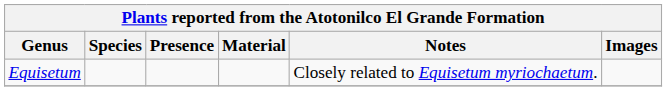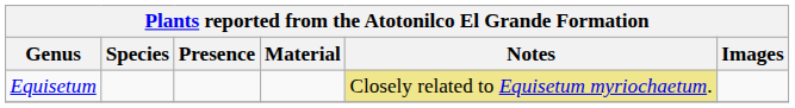 <table class="wikitable" align="center">
 <tr>
 <th colspan="6" align="center"><strong><a href='#'>Plants</a> reported from the Atotonilco El Grande Formation</strong></th>
 </tr>
 <tr>
 <th>Genus</th>
 <th>Species</th>
 <th>Presence</th>
 <th><strong>Material</strong></th>
 <th>Notes</th>
 <th>Images</th>
 </tr>
 <tr>
 <td><em><a href='#'>Equisetum</a></em></td>
 <td></td>
 <td></td>
 <td></td>
-<td>Closely related to <em><a href='#'>Equisetum myriochaetum</a></em>.</td>
+<td style="background: khaki;">Closely related to <em><a href='#'>Equisetum myriochaetum</a></em>.</td>
 <td></td>
 </tr>
 <tr>
 </tr>
 </table>
